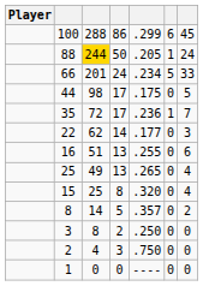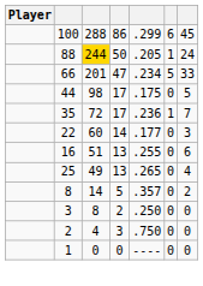 <table class="wikitable sortable">
 <tr>
 <th>Player</th>
 <th></th>
 <th><small></small></th>
 <th></th>
 <th></th>
 <th></th>
 <th></th>
 </tr>
 <tr align="center">
 <td></td>
 <td>100</td>
 <td>288</td>
 <td>86</td>
 <td>.299</td>
 <td>6</td>
 <td>45</td>
 </tr>
 <tr align="center">
 <td></td>
 <td>88</td>
 <td style="background: gold;">244</td>
 <td>50</td>
 <td>.205</td>
 <td>1</td>
 <td>24</td>
 </tr>
 <tr align="center">
 <td></td>
 <td>66</td>
 <td>201</td>
-<td>24</td>
+<td>47</td>
 <td>.234</td>
 <td>5</td>
 <td>33</td>
 </tr>
 <tr align="center">
 <td></td>
 <td>44</td>
 <td>98</td>
 <td>17</td>
 <td>.175</td>
 <td>0</td>
 <td>5</td>
 </tr>
 <tr align=center>
 <td></td>
 <td>35</td>
 <td>72</td>
 <td>17</td>
 <td>.236</td>
 <td>1</td>
 <td>7</td>
 </tr>
 <tr align="center">
 <td></td>
 <td>22</td>
-<td>62</td>
+<td>60</td>
 <td>14</td>
 <td>.177</td>
 <td>0</td>
 <td>3</td>
 </tr>
 <tr align="center">
 <td></td>
 <td>16</td>
 <td>51</td>
 <td>13</td>
 <td>.255</td>
 <td>0</td>
 <td>6</td>
 </tr>
 <tr align="center">
 <td></td>
 <td>25</td>
 <td>49</td>
 <td>13</td>
 <td>.265</td>
-<td>0</td>
-<td>4</td>
-</tr>
-<tr align="center">
-<td></td>
-<td>15</td>
-<td>25</td>
-<td>8</td>
-<td>.320</td>
 <td>0</td>
 <td>4</td>
 </tr>
 <tr align="center">
 <td></td>
 <td>8</td>
 <td>14</td>
 <td>5</td>
 <td>.357</td>
 <td>0</td>
 <td>2</td>
 </tr>
 <tr align="center">
 <td></td>
 <td>3</td>
 <td>8</td>
 <td>2</td>
 <td>.250</td>
 <td>0</td>
 <td>0</td>
 </tr>
 <tr align="center">
 <td></td>
 <td>2</td>
 <td>4</td>
 <td>3</td>
 <td>.750</td>
 <td>0</td>
 <td>0</td>
 </tr>
 <tr align="center">
 <td></td>
 <td>1</td>
 <td>0</td>
 <td>0</td>
 <td>----</td>
 <td>0</td>
 <td>0</td>
 </tr>
 </table>
